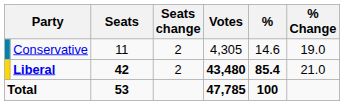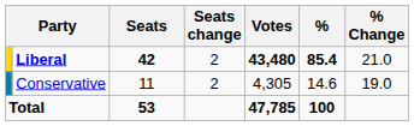 <table class="wikitable sortable">
 <tr>
 <th style="width:100px" colspan=2>Party</th>
 <th style="width:70px;">Seats</th>
 <th style="width:40px;">Seats change</th>
 <th style="width:40px;">Votes</th>
 <th style="width:40px;">%</th>
 <th style="width:40px;">% Change</th>
+</tr>
+<tr>
+<td bgcolor="#FFD700"></td>
+<td><strong><a href='#'>Liberal</a></strong></td>
+<td align=center><strong>42</strong></td>
+<td align=center>2</td>
+<td align=center><strong>43,480</strong></td>
+<td align=center><strong>85.4</strong></td>
+<td align=center> 21.0</td>
 </tr>
 <tr>
 <td bgcolor="#0281AA"></td>
 <td><a href='#'>Conservative</a></td>
 <td align=center>11</td>
 <td align=center>2</td>
 <td align=center>4,305</td>
 <td align=center>14.6</td>
 <td align=center> 19.0</td>
 </tr>
 <tr>
-<td bgcolor="#FFD700"></td>
-<td><strong><a href='#'>Liberal</a></strong></td>
-<td align=center><strong>42</strong></td>
-<td align=center>2</td>
-<td align=center><strong>43,480</strong></td>
-<td align=center><strong>85.4</strong></td>
-<td align=center> 21.0</td>
-</tr>
-<tr>
 <td colspan=2><strong>Total</strong></td>
 <td align=center><strong>53</strong></td>
 <td align=center></td>
 <td align=center><strong>47,785</strong></td>
 <td align=center><strong>100</strong></td>
 <td align=center></td>
 </tr>
 </table>
